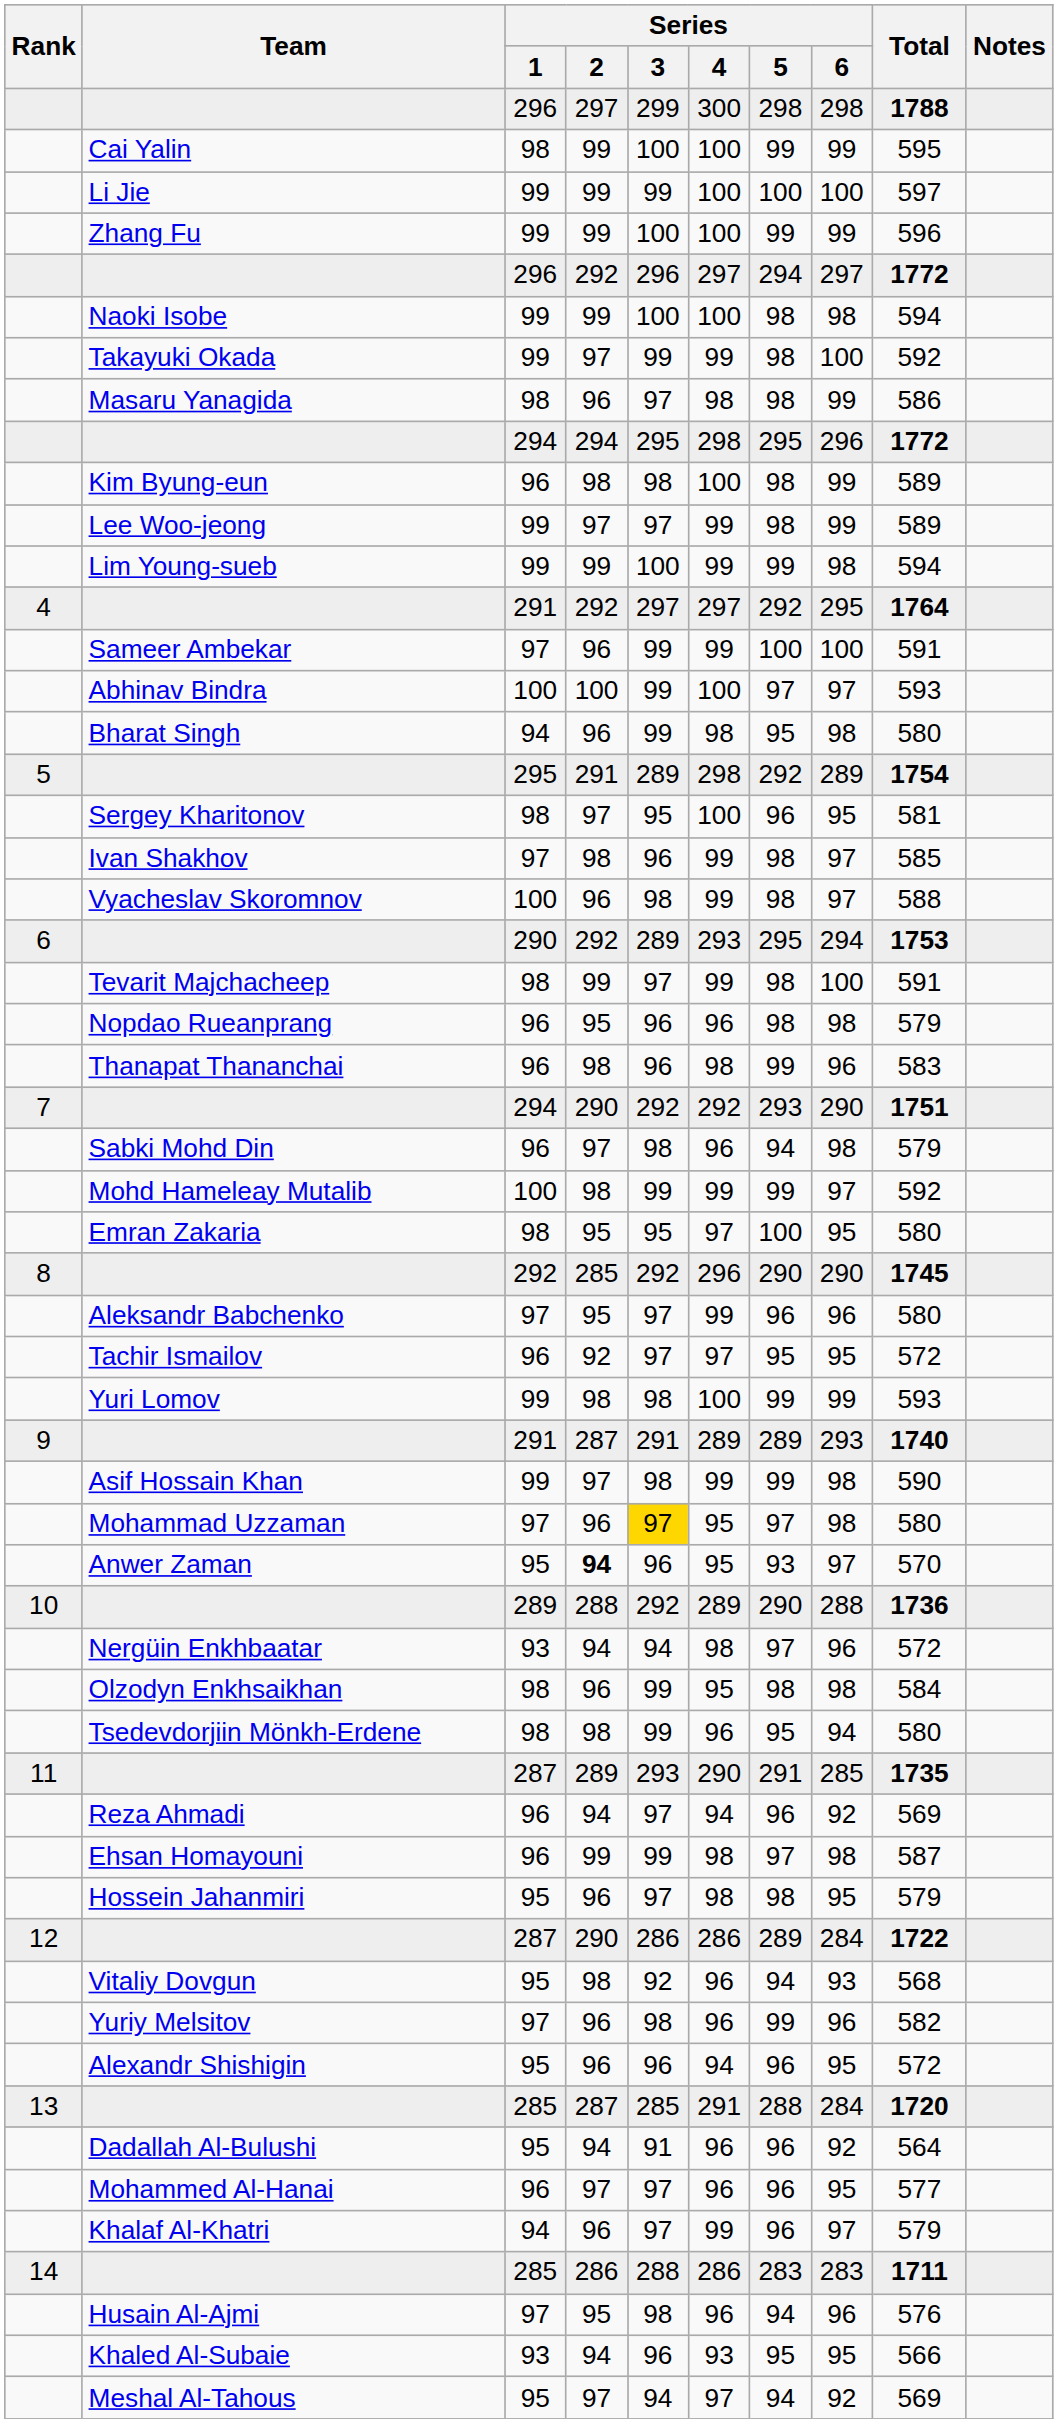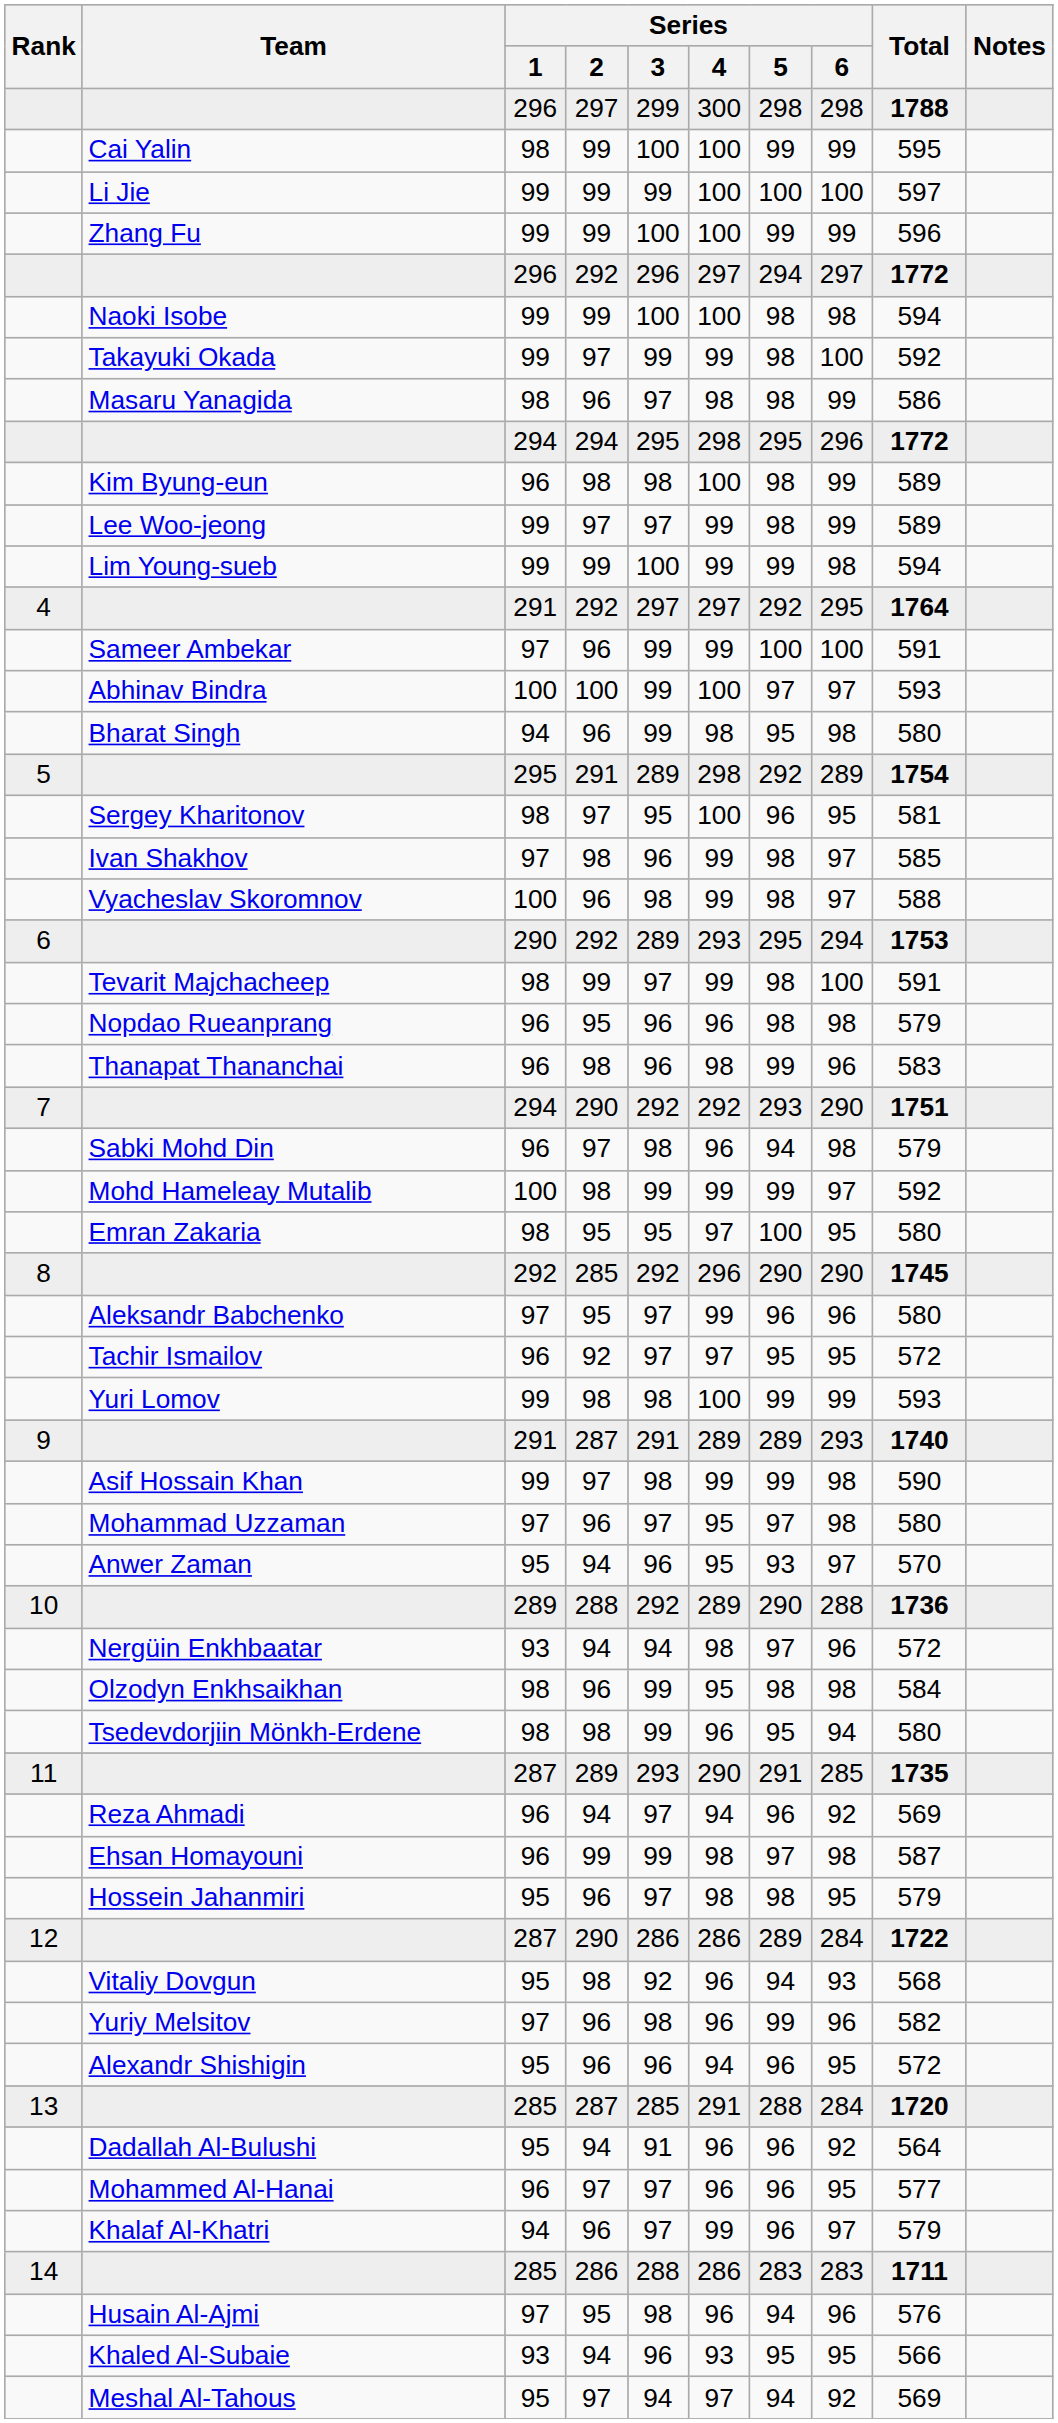 <table class="wikitable" style="text-align:center">
 <tr>
 <th rowspan=2 width=40>Rank</th>
 <th rowspan=2 width=250>Team</th>
 <th colspan=6>Series</th>
 <th rowspan=2 width=50>Total</th>
 <th rowspan=2 width=45>Notes</th>
 </tr>
 <tr>
 <th width=30>1</th>
 <th width=30>2</th>
 <th width=30>3</th>
 <th width=30>4</th>
 <th width=30>5</th>
 <th width=30>6</th>
 </tr>
 <tr bgcolor=eeeeee>
 <td></td>
 <td align=left></td>
 <td>296</td>
 <td>297</td>
 <td>299</td>
 <td>300</td>
 <td>298</td>
 <td>298</td>
 <td><strong>1788</strong></td>
 <td></td>
 </tr>
 <tr>
 <td></td>
 <td align=left><a href='#'>Cai Yalin</a></td>
 <td>98</td>
 <td>99</td>
 <td>100</td>
 <td>100</td>
 <td>99</td>
 <td>99</td>
 <td>595</td>
 <td></td>
 </tr>
 <tr>
 <td></td>
 <td align=left><a href='#'>Li Jie</a></td>
 <td>99</td>
 <td>99</td>
 <td>99</td>
 <td>100</td>
 <td>100</td>
 <td>100</td>
 <td>597</td>
 <td></td>
 </tr>
 <tr>
 <td></td>
 <td align=left><a href='#'>Zhang Fu</a></td>
 <td>99</td>
 <td>99</td>
 <td>100</td>
 <td>100</td>
 <td>99</td>
 <td>99</td>
 <td>596</td>
 <td></td>
 </tr>
 <tr bgcolor=eeeeee>
 <td></td>
 <td align=left></td>
 <td>296</td>
 <td>292</td>
 <td>296</td>
 <td>297</td>
 <td>294</td>
 <td>297</td>
 <td><strong>1772</strong></td>
 <td></td>
 </tr>
 <tr>
 <td></td>
 <td align=left><a href='#'>Naoki Isobe</a></td>
 <td>99</td>
 <td>99</td>
 <td>100</td>
 <td>100</td>
 <td>98</td>
 <td>98</td>
 <td>594</td>
 <td></td>
 </tr>
 <tr>
 <td></td>
 <td align=left><a href='#'>Takayuki Okada</a></td>
 <td>99</td>
 <td>97</td>
 <td>99</td>
 <td>99</td>
 <td>98</td>
 <td>100</td>
 <td>592</td>
 <td></td>
 </tr>
 <tr>
 <td></td>
 <td align=left><a href='#'>Masaru Yanagida</a></td>
 <td>98</td>
 <td>96</td>
 <td>97</td>
 <td>98</td>
 <td>98</td>
 <td>99</td>
 <td>586</td>
 <td></td>
 </tr>
 <tr bgcolor=eeeeee>
 <td></td>
 <td align=left></td>
 <td>294</td>
 <td>294</td>
 <td>295</td>
 <td>298</td>
 <td>295</td>
 <td>296</td>
 <td><strong>1772</strong></td>
 <td></td>
 </tr>
 <tr>
 <td></td>
 <td align=left><a href='#'>Kim Byung-eun</a></td>
 <td>96</td>
 <td>98</td>
 <td>98</td>
 <td>100</td>
 <td>98</td>
 <td>99</td>
 <td>589</td>
 <td></td>
 </tr>
 <tr>
 <td></td>
 <td align=left><a href='#'>Lee Woo-jeong</a></td>
 <td>99</td>
 <td>97</td>
 <td>97</td>
 <td>99</td>
 <td>98</td>
 <td>99</td>
 <td>589</td>
 <td></td>
 </tr>
 <tr>
 <td></td>
 <td align=left><a href='#'>Lim Young-sueb</a></td>
 <td>99</td>
 <td>99</td>
 <td>100</td>
 <td>99</td>
 <td>99</td>
 <td>98</td>
 <td>594</td>
 <td></td>
 </tr>
 <tr bgcolor=eeeeee>
 <td>4</td>
 <td align=left></td>
 <td>291</td>
 <td>292</td>
 <td>297</td>
 <td>297</td>
 <td>292</td>
 <td>295</td>
 <td><strong>1764</strong></td>
 <td></td>
 </tr>
 <tr>
 <td></td>
 <td align=left><a href='#'>Sameer Ambekar</a></td>
 <td>97</td>
 <td>96</td>
 <td>99</td>
 <td>99</td>
 <td>100</td>
 <td>100</td>
 <td>591</td>
 <td></td>
 </tr>
 <tr>
 <td></td>
 <td align=left><a href='#'>Abhinav Bindra</a></td>
 <td>100</td>
 <td>100</td>
 <td>99</td>
 <td>100</td>
 <td>97</td>
 <td>97</td>
 <td>593</td>
 <td></td>
 </tr>
 <tr>
 <td></td>
 <td align=left><a href='#'>Bharat Singh</a></td>
 <td>94</td>
 <td>96</td>
 <td>99</td>
 <td>98</td>
 <td>95</td>
 <td>98</td>
 <td>580</td>
 <td></td>
 </tr>
 <tr bgcolor=eeeeee>
 <td>5</td>
 <td align=left></td>
 <td>295</td>
 <td>291</td>
 <td>289</td>
 <td>298</td>
 <td>292</td>
 <td>289</td>
 <td><strong>1754</strong></td>
 <td></td>
 </tr>
 <tr>
 <td></td>
 <td align=left><a href='#'>Sergey Kharitonov</a></td>
 <td>98</td>
 <td>97</td>
 <td>95</td>
 <td>100</td>
 <td>96</td>
 <td>95</td>
 <td>581</td>
 <td></td>
 </tr>
 <tr>
 <td></td>
 <td align=left><a href='#'>Ivan Shakhov</a></td>
 <td>97</td>
 <td>98</td>
 <td>96</td>
 <td>99</td>
 <td>98</td>
 <td>97</td>
 <td>585</td>
 <td></td>
 </tr>
 <tr>
 <td></td>
 <td align=left><a href='#'>Vyacheslav Skoromnov</a></td>
 <td>100</td>
 <td>96</td>
 <td>98</td>
 <td>99</td>
 <td>98</td>
 <td>97</td>
 <td>588</td>
 <td></td>
 </tr>
 <tr bgcolor=eeeeee>
 <td>6</td>
 <td align=left></td>
 <td>290</td>
 <td>292</td>
 <td>289</td>
 <td>293</td>
 <td>295</td>
 <td>294</td>
 <td><strong>1753</strong></td>
 <td></td>
 </tr>
 <tr>
 <td></td>
 <td align=left><a href='#'>Tevarit Majchacheep</a></td>
 <td>98</td>
 <td>99</td>
 <td>97</td>
 <td>99</td>
 <td>98</td>
 <td>100</td>
 <td>591</td>
 <td></td>
 </tr>
 <tr>
 <td></td>
 <td align=left><a href='#'>Nopdao Rueanprang</a></td>
 <td>96</td>
 <td>95</td>
 <td>96</td>
 <td>96</td>
 <td>98</td>
 <td>98</td>
 <td>579</td>
 <td></td>
 </tr>
 <tr>
 <td></td>
 <td align=left><a href='#'>Thanapat Thananchai</a></td>
 <td>96</td>
 <td>98</td>
 <td>96</td>
 <td>98</td>
 <td>99</td>
 <td>96</td>
 <td>583</td>
 <td></td>
 </tr>
 <tr bgcolor=eeeeee>
 <td>7</td>
 <td align=left></td>
 <td>294</td>
 <td>290</td>
 <td>292</td>
 <td>292</td>
 <td>293</td>
 <td>290</td>
 <td><strong>1751</strong></td>
 <td></td>
 </tr>
 <tr>
 <td></td>
 <td align=left><a href='#'>Sabki Mohd Din</a></td>
 <td>96</td>
 <td>97</td>
 <td>98</td>
 <td>96</td>
 <td>94</td>
 <td>98</td>
 <td>579</td>
 <td></td>
 </tr>
 <tr>
 <td></td>
 <td align=left><a href='#'>Mohd Hameleay Mutalib</a></td>
 <td>100</td>
 <td>98</td>
 <td>99</td>
 <td>99</td>
 <td>99</td>
 <td>97</td>
 <td>592</td>
 <td></td>
 </tr>
 <tr>
 <td></td>
 <td align=left><a href='#'>Emran Zakaria</a></td>
 <td>98</td>
 <td>95</td>
 <td>95</td>
 <td>97</td>
 <td>100</td>
 <td>95</td>
 <td>580</td>
 <td></td>
 </tr>
 <tr bgcolor=eeeeee>
 <td>8</td>
 <td align=left></td>
 <td>292</td>
 <td>285</td>
 <td>292</td>
 <td>296</td>
 <td>290</td>
 <td>290</td>
 <td><strong>1745</strong></td>
 <td></td>
 </tr>
 <tr>
 <td></td>
 <td align=left><a href='#'>Aleksandr Babchenko</a></td>
 <td>97</td>
 <td>95</td>
 <td>97</td>
 <td>99</td>
 <td>96</td>
 <td>96</td>
 <td>580</td>
 <td></td>
 </tr>
 <tr>
 <td></td>
 <td align=left><a href='#'>Tachir Ismailov</a></td>
 <td>96</td>
 <td>92</td>
 <td>97</td>
 <td>97</td>
 <td>95</td>
 <td>95</td>
 <td>572</td>
 <td></td>
 </tr>
 <tr>
 <td></td>
 <td align=left><a href='#'>Yuri Lomov</a></td>
 <td>99</td>
 <td>98</td>
 <td>98</td>
 <td>100</td>
 <td>99</td>
 <td>99</td>
 <td>593</td>
 <td></td>
 </tr>
 <tr bgcolor=eeeeee>
 <td>9</td>
 <td align=left></td>
 <td>291</td>
 <td>287</td>
 <td>291</td>
 <td>289</td>
 <td>289</td>
 <td>293</td>
 <td><strong>1740</strong></td>
 <td></td>
 </tr>
 <tr>
 <td></td>
 <td align=left><a href='#'>Asif Hossain Khan</a></td>
 <td>99</td>
 <td>97</td>
 <td>98</td>
 <td>99</td>
 <td>99</td>
 <td>98</td>
 <td>590</td>
 <td></td>
 </tr>
 <tr>
 <td></td>
 <td align=left><a href='#'>Mohammad Uzzaman</a></td>
 <td>97</td>
 <td>96</td>
-<td style="background: gold;">97</td>
+<td>97</td>
 <td>95</td>
 <td>97</td>
 <td>98</td>
 <td>580</td>
 <td></td>
 </tr>
 <tr>
 <td></td>
 <td align=left><a href='#'>Anwer Zaman</a></td>
 <td>95</td>
-<td><strong>94</strong></td>
+<td>94</td>
 <td>96</td>
 <td>95</td>
 <td>93</td>
 <td>97</td>
 <td>570</td>
 <td></td>
 </tr>
 <tr bgcolor=eeeeee>
 <td>10</td>
 <td align=left></td>
 <td>289</td>
 <td>288</td>
 <td>292</td>
 <td>289</td>
 <td>290</td>
 <td>288</td>
 <td><strong>1736</strong></td>
 <td></td>
 </tr>
 <tr>
 <td></td>
 <td align=left><a href='#'>Nergüin Enkhbaatar</a></td>
 <td>93</td>
 <td>94</td>
 <td>94</td>
 <td>98</td>
 <td>97</td>
 <td>96</td>
 <td>572</td>
 <td></td>
 </tr>
 <tr>
 <td></td>
 <td align=left><a href='#'>Olzodyn Enkhsaikhan</a></td>
 <td>98</td>
 <td>96</td>
 <td>99</td>
 <td>95</td>
 <td>98</td>
 <td>98</td>
 <td>584</td>
 <td></td>
 </tr>
 <tr>
 <td></td>
 <td align=left><a href='#'>Tsedevdorjiin Mönkh-Erdene</a></td>
 <td>98</td>
 <td>98</td>
 <td>99</td>
 <td>96</td>
 <td>95</td>
 <td>94</td>
 <td>580</td>
 <td></td>
 </tr>
 <tr bgcolor=eeeeee>
 <td>11</td>
 <td align=left></td>
 <td>287</td>
 <td>289</td>
 <td>293</td>
 <td>290</td>
 <td>291</td>
 <td>285</td>
 <td><strong>1735</strong></td>
 <td></td>
 </tr>
 <tr>
 <td></td>
 <td align=left><a href='#'>Reza Ahmadi</a></td>
 <td>96</td>
 <td>94</td>
 <td>97</td>
 <td>94</td>
 <td>96</td>
 <td>92</td>
 <td>569</td>
 <td></td>
 </tr>
 <tr>
 <td></td>
 <td align=left><a href='#'>Ehsan Homayouni</a></td>
 <td>96</td>
 <td>99</td>
 <td>99</td>
 <td>98</td>
 <td>97</td>
 <td>98</td>
 <td>587</td>
 <td></td>
 </tr>
 <tr>
 <td></td>
 <td align=left><a href='#'>Hossein Jahanmiri</a></td>
 <td>95</td>
 <td>96</td>
 <td>97</td>
 <td>98</td>
 <td>98</td>
 <td>95</td>
 <td>579</td>
 <td></td>
 </tr>
 <tr bgcolor=eeeeee>
 <td>12</td>
 <td align=left></td>
 <td>287</td>
 <td>290</td>
 <td>286</td>
 <td>286</td>
 <td>289</td>
 <td>284</td>
 <td><strong>1722</strong></td>
 <td></td>
 </tr>
 <tr>
 <td></td>
 <td align=left><a href='#'>Vitaliy Dovgun</a></td>
 <td>95</td>
 <td>98</td>
 <td>92</td>
 <td>96</td>
 <td>94</td>
 <td>93</td>
 <td>568</td>
 <td></td>
 </tr>
 <tr>
 <td></td>
 <td align=left><a href='#'>Yuriy Melsitov</a></td>
 <td>97</td>
 <td>96</td>
 <td>98</td>
 <td>96</td>
 <td>99</td>
 <td>96</td>
 <td>582</td>
 <td></td>
 </tr>
 <tr>
 <td></td>
 <td align=left><a href='#'>Alexandr Shishigin</a></td>
 <td>95</td>
 <td>96</td>
 <td>96</td>
 <td>94</td>
 <td>96</td>
 <td>95</td>
 <td>572</td>
 <td></td>
 </tr>
 <tr bgcolor=eeeeee>
 <td>13</td>
 <td align=left></td>
 <td>285</td>
 <td>287</td>
 <td>285</td>
 <td>291</td>
 <td>288</td>
 <td>284</td>
 <td><strong>1720</strong></td>
 <td></td>
 </tr>
 <tr>
 <td></td>
 <td align=left><a href='#'>Dadallah Al-Bulushi</a></td>
 <td>95</td>
 <td>94</td>
 <td>91</td>
 <td>96</td>
 <td>96</td>
 <td>92</td>
 <td>564</td>
 <td></td>
 </tr>
 <tr>
 <td></td>
 <td align=left><a href='#'>Mohammed Al-Hanai</a></td>
 <td>96</td>
 <td>97</td>
 <td>97</td>
 <td>96</td>
 <td>96</td>
 <td>95</td>
 <td>577</td>
 <td></td>
 </tr>
 <tr>
 <td></td>
 <td align=left><a href='#'>Khalaf Al-Khatri</a></td>
 <td>94</td>
 <td>96</td>
 <td>97</td>
 <td>99</td>
 <td>96</td>
 <td>97</td>
 <td>579</td>
 <td></td>
 </tr>
 <tr bgcolor=eeeeee>
 <td>14</td>
 <td align=left></td>
 <td>285</td>
 <td>286</td>
 <td>288</td>
 <td>286</td>
 <td>283</td>
 <td>283</td>
 <td><strong>1711</strong></td>
 <td></td>
 </tr>
 <tr>
 <td></td>
 <td align=left><a href='#'>Husain Al-Ajmi</a></td>
 <td>97</td>
 <td>95</td>
 <td>98</td>
 <td>96</td>
 <td>94</td>
 <td>96</td>
 <td>576</td>
 <td></td>
 </tr>
 <tr>
 <td></td>
 <td align=left><a href='#'>Khaled Al-Subaie</a></td>
 <td>93</td>
 <td>94</td>
 <td>96</td>
 <td>93</td>
 <td>95</td>
 <td>95</td>
 <td>566</td>
 <td></td>
 </tr>
 <tr>
 <td></td>
 <td align=left><a href='#'>Meshal Al-Tahous</a></td>
 <td>95</td>
 <td>97</td>
 <td>94</td>
 <td>97</td>
 <td>94</td>
 <td>92</td>
 <td>569</td>
 <td></td>
 </tr>
 </table>
